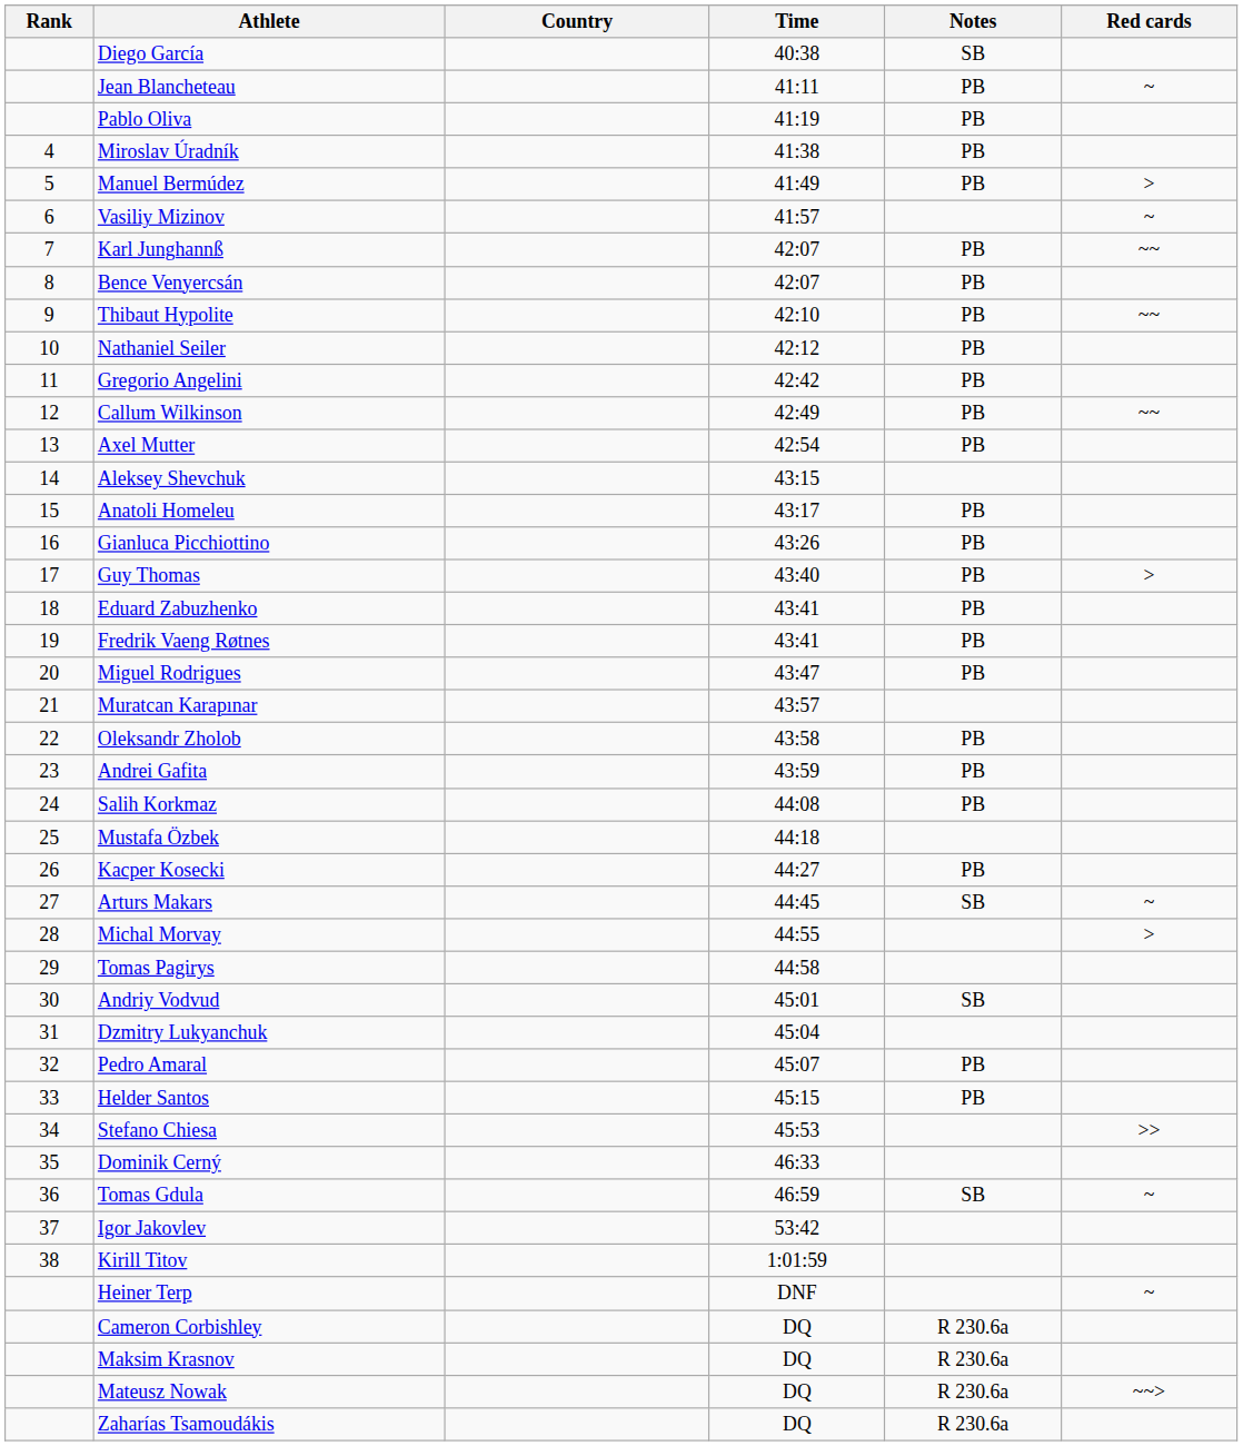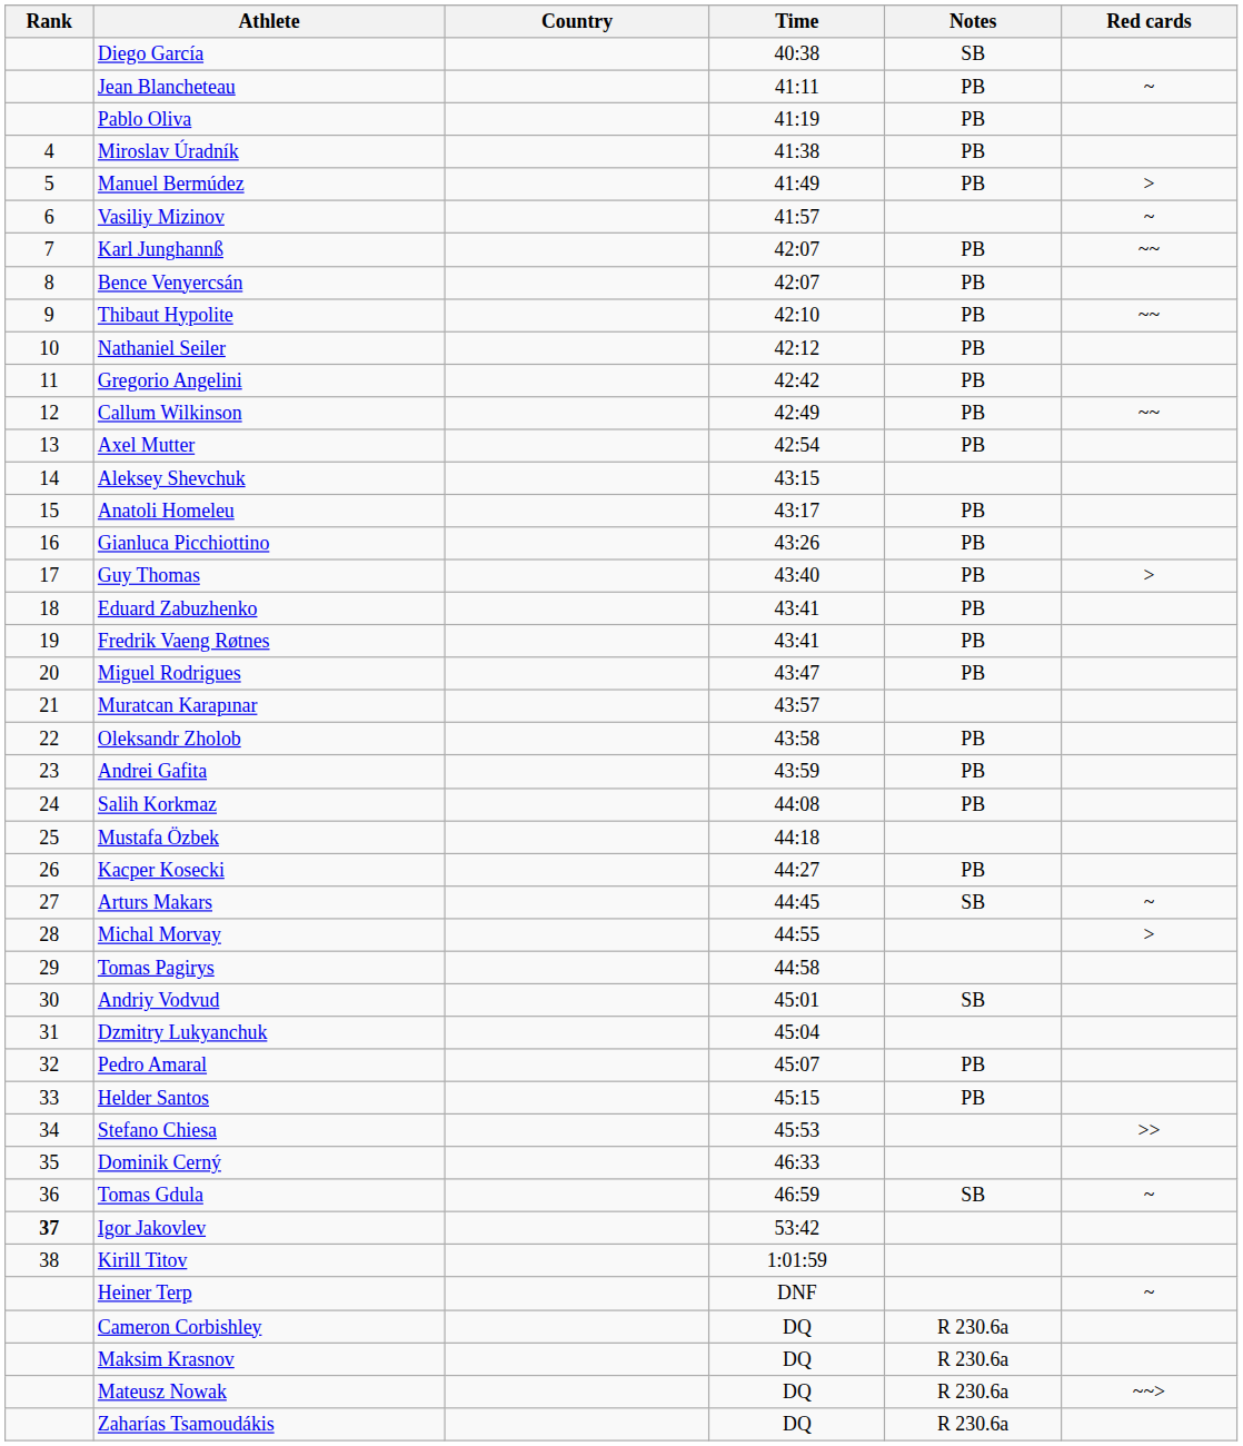 <table class="wikitable sortable" style=" text-align:center; font-size:95%;" width="75%">
 <tr>
 </tr>
 <tr>
 <th width=5%>Rank</th>
 <th width=20%>Athlete</th>
 <th width=15%>Country</th>
 <th width=10%>Time</th>
 <th width=10%>Notes</th>
 <th width=10%>Red cards</th>
 </tr>
 <tr>
 <td align=center></td>
 <td align=left><a href='#'>Diego García</a></td>
 <td align=left></td>
 <td>40:38</td>
 <td>SB</td>
 <td></td>
 </tr>
 <tr>
 <td align=center></td>
 <td align=left><a href='#'>Jean Blancheteau</a></td>
 <td align=left></td>
 <td>41:11</td>
 <td>PB</td>
 <td>~</td>
 </tr>
 <tr>
 <td align=center></td>
 <td align=left><a href='#'>Pablo Oliva</a></td>
 <td align=left></td>
 <td>41:19</td>
 <td>PB</td>
 <td></td>
 </tr>
 <tr>
 <td align=center>4</td>
 <td align=left><a href='#'>Miroslav Úradník</a></td>
 <td align=left></td>
 <td>41:38</td>
 <td>PB</td>
 <td></td>
 </tr>
 <tr>
 <td align=center>5</td>
 <td align=left><a href='#'>Manuel Bermúdez</a></td>
 <td align=left></td>
 <td>41:49</td>
 <td>PB</td>
 <td>></td>
 </tr>
 <tr>
 <td align=center>6</td>
 <td align=left><a href='#'>Vasiliy Mizinov</a></td>
 <td align=left></td>
 <td>41:57</td>
 <td></td>
 <td>~</td>
 </tr>
 <tr>
 <td align=center>7</td>
 <td align=left><a href='#'>Karl Junghannß</a></td>
 <td align=left></td>
 <td>42:07</td>
 <td>PB</td>
 <td>~~</td>
 </tr>
 <tr>
 <td align=center>8</td>
 <td align=left><a href='#'>Bence Venyercsán</a></td>
 <td align=left></td>
 <td>42:07</td>
 <td>PB</td>
 <td></td>
 </tr>
 <tr>
 <td align=center>9</td>
 <td align=left><a href='#'>Thibaut Hypolite</a></td>
 <td align=left></td>
 <td>42:10</td>
 <td>PB</td>
 <td>~~</td>
 </tr>
 <tr>
 <td align=center>10</td>
 <td align=left><a href='#'>Nathaniel Seiler</a></td>
 <td align=left></td>
 <td>42:12</td>
 <td>PB</td>
 <td></td>
 </tr>
 <tr>
 <td align=center>11</td>
 <td align=left><a href='#'>Gregorio Angelini</a></td>
 <td align=left></td>
 <td>42:42</td>
 <td>PB</td>
 <td></td>
 </tr>
 <tr>
 <td align=center>12</td>
 <td align=left><a href='#'>Callum Wilkinson</a></td>
 <td align=left></td>
 <td>42:49</td>
 <td>PB</td>
 <td>~~</td>
 </tr>
 <tr>
 <td align=center>13</td>
 <td align=left><a href='#'>Axel Mutter</a></td>
 <td align=left></td>
 <td>42:54</td>
 <td>PB</td>
 <td></td>
 </tr>
 <tr>
 <td align=center>14</td>
 <td align=left><a href='#'>Aleksey Shevchuk</a></td>
 <td align=left></td>
 <td>43:15</td>
 <td></td>
 <td></td>
 </tr>
 <tr>
 <td align=center>15</td>
 <td align=left><a href='#'>Anatoli Homeleu</a></td>
 <td align=left></td>
 <td>43:17</td>
 <td>PB</td>
 <td></td>
 </tr>
 <tr>
 <td align=center>16</td>
 <td align=left><a href='#'>Gianluca Picchiottino</a></td>
 <td align=left></td>
 <td>43:26</td>
 <td>PB</td>
 <td></td>
 </tr>
 <tr>
 <td align=center>17</td>
 <td align=left><a href='#'>Guy Thomas</a></td>
 <td align=left></td>
 <td>43:40</td>
 <td>PB</td>
 <td>></td>
 </tr>
 <tr>
 <td align=center>18</td>
 <td align=left><a href='#'>Eduard Zabuzhenko</a></td>
 <td align=left></td>
 <td>43:41</td>
 <td>PB</td>
 <td></td>
 </tr>
 <tr>
 <td align=center>19</td>
 <td align=left><a href='#'>Fredrik Vaeng Røtnes</a></td>
 <td align=left></td>
 <td>43:41</td>
 <td>PB</td>
 <td></td>
 </tr>
 <tr>
 <td align=center>20</td>
 <td align=left><a href='#'>Miguel Rodrigues</a></td>
 <td align=left></td>
 <td>43:47</td>
 <td>PB</td>
 <td></td>
 </tr>
 <tr>
 <td align=center>21</td>
 <td align=left><a href='#'>Muratcan Karapınar</a></td>
 <td align=left></td>
 <td>43:57</td>
 <td></td>
 <td></td>
 </tr>
 <tr>
 <td align=center>22</td>
 <td align=left><a href='#'>Oleksandr Zholob</a></td>
 <td align=left></td>
 <td>43:58</td>
 <td>PB</td>
 <td></td>
 </tr>
 <tr>
 <td align=center>23</td>
 <td align=left><a href='#'>Andrei Gafita</a></td>
 <td align=left></td>
 <td>43:59</td>
 <td>PB</td>
 <td></td>
 </tr>
 <tr>
 <td align=center>24</td>
 <td align=left><a href='#'>Salih Korkmaz</a></td>
 <td align=left></td>
 <td>44:08</td>
 <td>PB</td>
 <td></td>
 </tr>
 <tr>
 <td align=center>25</td>
 <td align=left><a href='#'>Mustafa Özbek</a></td>
 <td align=left></td>
 <td>44:18</td>
 <td></td>
 <td></td>
 </tr>
 <tr>
 <td align=center>26</td>
 <td align=left><a href='#'>Kacper Kosecki</a></td>
 <td align=left></td>
 <td>44:27</td>
 <td>PB</td>
 <td></td>
 </tr>
 <tr>
 <td align=center>27</td>
 <td align=left><a href='#'>Arturs Makars</a></td>
 <td align=left></td>
 <td>44:45</td>
 <td>SB</td>
 <td>~</td>
 </tr>
 <tr>
 <td align=center>28</td>
 <td align=left><a href='#'>Michal Morvay</a></td>
 <td align=left></td>
 <td>44:55</td>
 <td></td>
 <td>></td>
 </tr>
 <tr>
 <td align=center>29</td>
 <td align=left><a href='#'>Tomas Pagirys</a></td>
 <td align=left></td>
 <td>44:58</td>
 <td></td>
 <td></td>
 </tr>
 <tr>
 <td align=center>30</td>
 <td align=left><a href='#'>Andriy Vodvud</a></td>
 <td align=left></td>
 <td>45:01</td>
 <td>SB</td>
 <td></td>
 </tr>
 <tr>
 <td align=center>31</td>
 <td align=left><a href='#'>Dzmitry Lukyanchuk</a></td>
 <td align=left></td>
 <td>45:04</td>
 <td></td>
 <td></td>
 </tr>
 <tr>
 <td align=center>32</td>
 <td align=left><a href='#'>Pedro Amaral</a></td>
 <td align=left></td>
 <td>45:07</td>
 <td>PB</td>
 <td></td>
 </tr>
 <tr>
 <td align=center>33</td>
 <td align=left><a href='#'>Helder Santos</a></td>
 <td align=left></td>
 <td>45:15</td>
 <td>PB</td>
 <td></td>
 </tr>
 <tr>
 <td align=center>34</td>
 <td align=left><a href='#'>Stefano Chiesa</a></td>
 <td align=left></td>
 <td>45:53</td>
 <td></td>
 <td>>></td>
 </tr>
 <tr>
 <td align=center>35</td>
 <td align=left><a href='#'>Dominik Cerný</a></td>
 <td align=left></td>
 <td>46:33</td>
 <td></td>
 <td></td>
 </tr>
 <tr>
 <td align=center>36</td>
 <td align=left><a href='#'>Tomas Gdula</a></td>
 <td align=left></td>
 <td>46:59</td>
 <td>SB</td>
 <td>~</td>
 </tr>
 <tr>
-<td align=center>37</td>
+<td align=center><strong>37</strong></td>
 <td align=left><a href='#'>Igor Jakovlev</a></td>
 <td align=left></td>
 <td>53:42</td>
 <td></td>
 <td></td>
 </tr>
 <tr>
 <td align=center>38</td>
 <td align=left><a href='#'>Kirill Titov</a></td>
 <td align=left></td>
 <td>1:01:59</td>
 <td></td>
 <td></td>
 </tr>
 <tr>
 <td align=center></td>
 <td align=left><a href='#'>Heiner Terp</a></td>
 <td align=left></td>
 <td>DNF</td>
 <td></td>
 <td>~</td>
 </tr>
 <tr>
 <td align=center></td>
 <td align=left><a href='#'>Cameron Corbishley</a></td>
 <td align=left></td>
 <td>DQ</td>
 <td>R 230.6a</td>
 <td></td>
 </tr>
 <tr>
 <td align=center></td>
 <td align=left><a href='#'>Maksim Krasnov</a></td>
 <td align=left></td>
 <td>DQ</td>
 <td>R 230.6a</td>
 <td></td>
 </tr>
 <tr>
 <td align=center></td>
 <td align=left><a href='#'>Mateusz Nowak</a></td>
 <td align=left></td>
 <td>DQ</td>
 <td>R 230.6a</td>
 <td>~~></td>
 </tr>
 <tr>
 <td align=center></td>
 <td align=left><a href='#'>Zaharías Tsamoudákis</a></td>
 <td align=left></td>
 <td>DQ</td>
 <td>R 230.6a</td>
 <td></td>
 </tr>
 </table>
